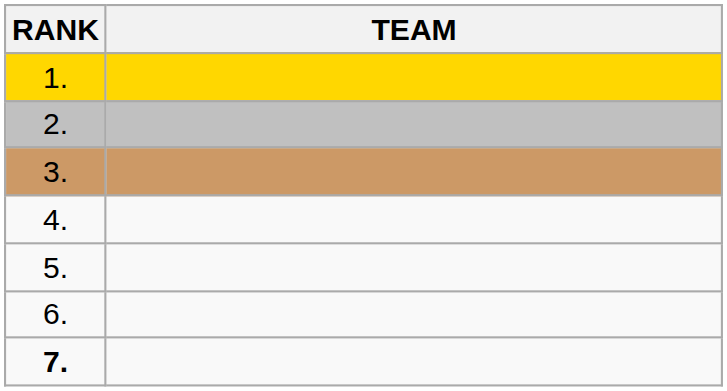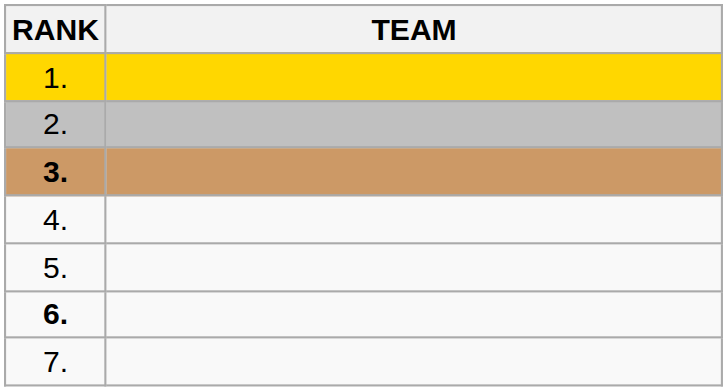 <table class="wikitable" style="border-collapse: collapse; font-size: 90%;">
 <tr>
 <th>RANK</th>
 <th align="center" style="width: 20em">TEAM</th>
 </tr>
 <tr bgcolor=gold>
 <td align="center">1.</td>
 <td></td>
 </tr>
 <tr bgcolor=silver>
 <td align="center">2.</td>
 <td></td>
 </tr>
 <tr bgcolor=#cc9966>
-<td align="center">3.</td>
+<td align="center"><strong>3.</strong></td>
 <td></td>
 </tr>
 <tr>
 <td align="center">4.</td>
 <td></td>
 </tr>
 <tr>
 <td align="center">5.</td>
 <td></td>
 </tr>
 <tr>
-<td align="center">6.</td>
+<td align="center"><strong>6.</strong></td>
 <td></td>
 </tr>
 <tr>
-<td align="center"><strong>7.</strong></td>
+<td align="center">7.</td>
 <td></td>
 </tr>
 </table>
